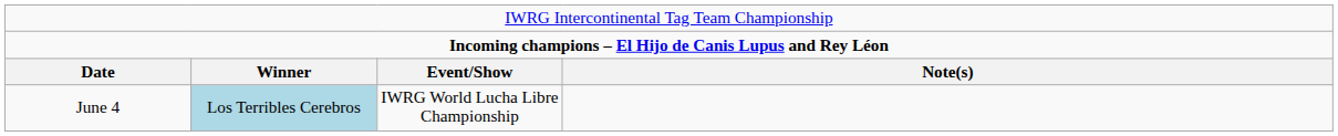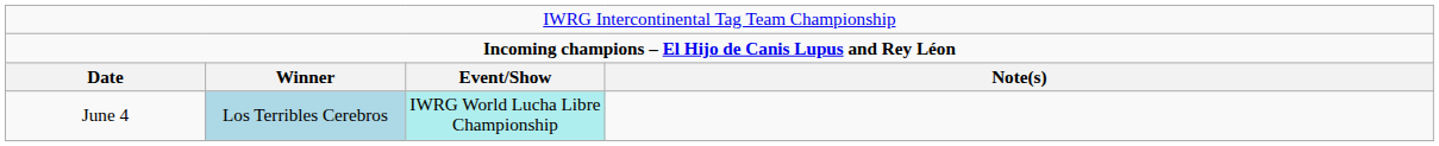 <table class="wikitable" style="text-align:center; width:100%;">
 <tr>
 <td colspan="5" style="text-align: center;"><a href='#'>IWRG Intercontinental Tag Team Championship</a></td>
 </tr>
 <tr>
 <td colspan="5" style="text-align: center;"><strong>Incoming champions – <a href='#'>El Hijo de Canis Lupus</a> and Rey Léon</strong></td>
 </tr>
 <tr>
 <th width=14%>Date</th>
 <th width=14%>Winner</th>
 <th width=14%>Event/Show</th>
 <th width=58%>Note(s)</th>
 </tr>
 <tr>
 <td>June 4</td>
 <td style="background: lightblue;">Los Terribles Cerebros<br></td>
-<td>IWRG World Lucha Libre Championship</td>
+<td style="background: paleturquoise;">IWRG World Lucha Libre Championship</td>
 <td></td>
 </tr>
 </table>
